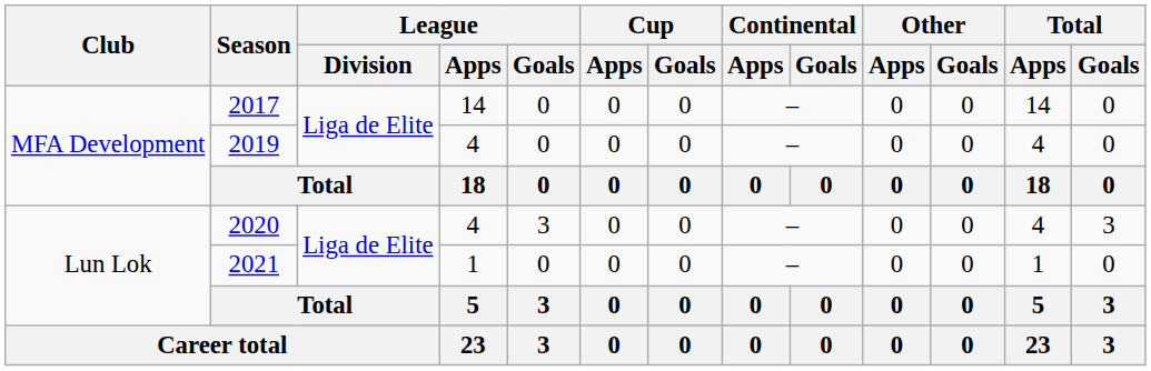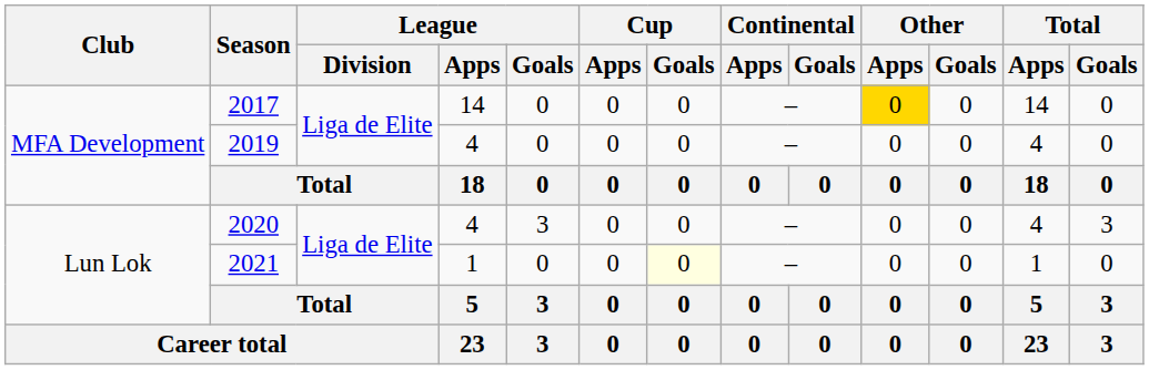 <table class="wikitable" style="text-align: center">
 <tr>
 <th rowspan="2">Club</th>
 <th rowspan="2">Season</th>
 <th colspan="3">League</th>
 <th colspan="2">Cup</th>
 <th colspan="2">Continental</th>
 <th colspan="2">Other</th>
 <th colspan="2">Total</th>
 </tr>
 <tr>
 <th>Division</th>
 <th>Apps</th>
 <th>Goals</th>
 <th>Apps</th>
 <th>Goals</th>
 <th>Apps</th>
 <th>Goals</th>
 <th>Apps</th>
 <th>Goals</th>
 <th>Apps</th>
 <th>Goals</th>
 </tr>
 <tr>
 <td rowspan="3"><a href='#'>MFA Development</a></td>
 <td><a href='#'>2017</a></td>
 <td rowspan="2"><a href='#'>Liga de Elite</a></td>
 <td>14</td>
 <td>0</td>
 <td>0</td>
 <td>0</td>
 <td colspan="2">–</td>
-<td>0</td>
+<td style="background: gold;">0</td>
 <td>0</td>
 <td>14</td>
 <td>0</td>
 </tr>
 <tr>
 <td><a href='#'>2019</a></td>
 <td>4</td>
 <td>0</td>
 <td>0</td>
 <td>0</td>
 <td colspan="2">–</td>
 <td>0</td>
 <td>0</td>
 <td>4</td>
 <td>0</td>
 </tr>
 <tr>
 <th colspan="2"><strong>Total</strong></th>
 <th>18</th>
 <th>0</th>
 <th>0</th>
 <th>0</th>
 <th>0</th>
 <th>0</th>
 <th>0</th>
 <th>0</th>
 <th>18</th>
 <th>0</th>
 </tr>
 <tr>
 <td rowspan="3">Lun Lok</td>
 <td><a href='#'>2020</a></td>
 <td rowspan="2"><a href='#'>Liga de Elite</a></td>
 <td>4</td>
 <td>3</td>
 <td>0</td>
 <td>0</td>
 <td colspan="2">–</td>
 <td>0</td>
 <td>0</td>
 <td>4</td>
 <td>3</td>
 </tr>
 <tr>
 <td><a href='#'>2021</a></td>
 <td>1</td>
 <td>0</td>
 <td>0</td>
-<td>0</td>
+<td style="background: lightyellow;">0</td>
 <td colspan="2">–</td>
 <td>0</td>
 <td>0</td>
 <td>1</td>
 <td>0</td>
 </tr>
 <tr>
 <th colspan="2"><strong>Total</strong></th>
 <th>5</th>
 <th>3</th>
 <th>0</th>
 <th>0</th>
 <th>0</th>
 <th>0</th>
 <th>0</th>
 <th>0</th>
 <th>5</th>
 <th>3</th>
 </tr>
 <tr>
 <th colspan="3"><strong>Career total</strong></th>
 <th>23</th>
 <th>3</th>
 <th>0</th>
 <th>0</th>
 <th>0</th>
 <th>0</th>
 <th>0</th>
 <th>0</th>
 <th>23</th>
 <th>3</th>
 </tr>
 </table>
